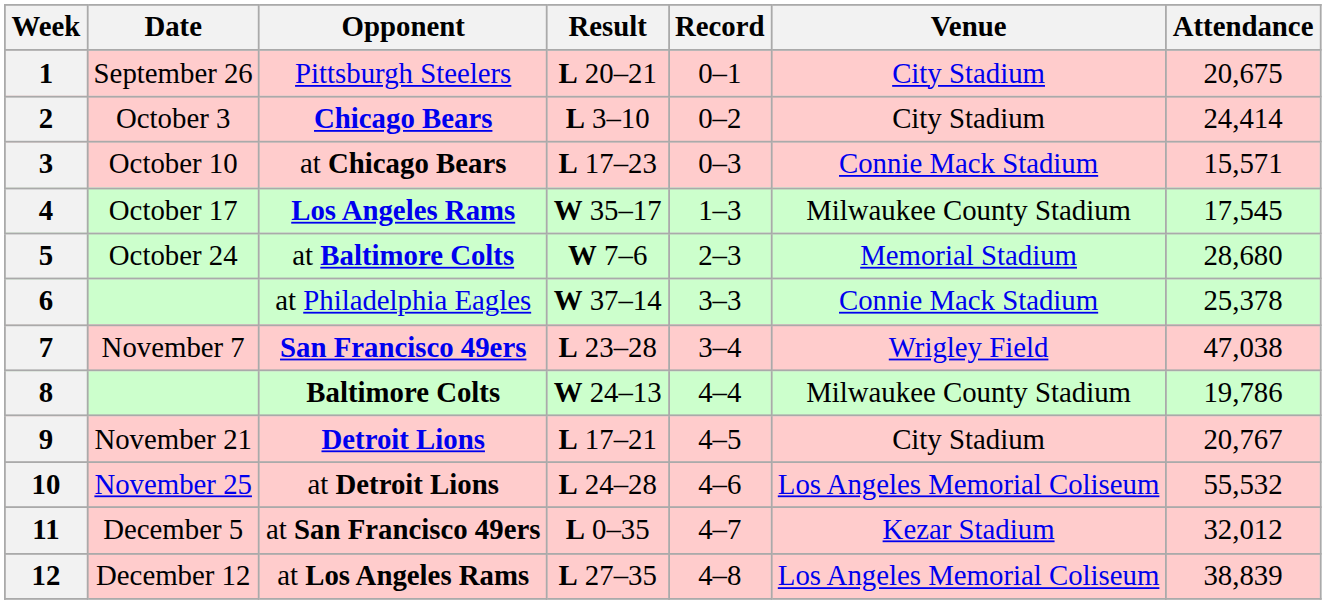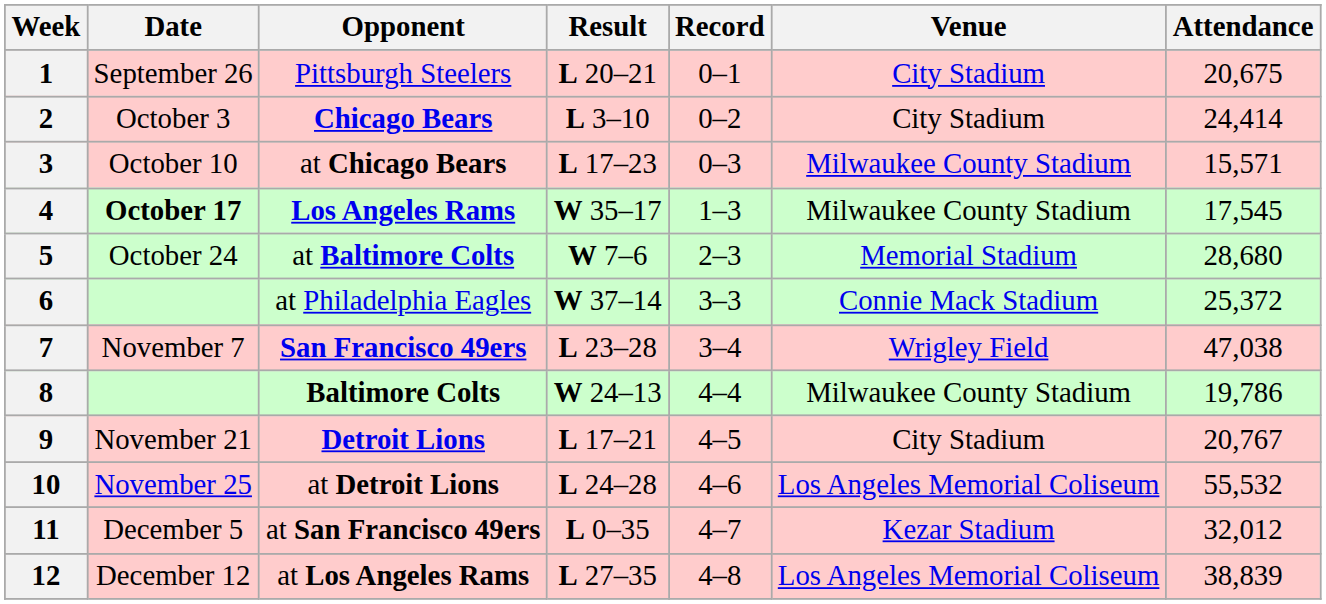 <table class="wikitable" style="text-align:center">
 <tr>
 <th>Week</th>
 <th>Date</th>
 <th>Opponent</th>
 <th>Result</th>
 <th>Record</th>
 <th>Venue</th>
 <th>Attendance</th>
 </tr>
 <tr style="background:#fcc">
 <th>1</th>
 <td>September 26</td>
 <td><a href='#'>Pittsburgh Steelers</a></td>
 <td><strong>L</strong> 20–21</td>
 <td>0–1</td>
 <td><a href='#'>City Stadium</a></td>
 <td>20,675</td>
 </tr>
 <tr style="background:#fcc">
 <th>2</th>
 <td>October 3</td>
 <td><strong><a href='#'>Chicago Bears</a></strong></td>
 <td><strong>L</strong> 3–10</td>
 <td>0–2</td>
 <td>City Stadium</td>
 <td>24,414</td>
 </tr>
 <tr style="background:#fcc">
 <th>3</th>
 <td>October 10</td>
 <td>at <strong>Chicago Bears</strong></td>
 <td><strong>L</strong> 17–23</td>
 <td>0–3</td>
-<td><a href='#'>Connie Mack Stadium</a></td>
+<td><a href='#'>Milwaukee County Stadium</a></td>
 <td>15,571</td>
 </tr>
 <tr style="background:#cfc">
 <th>4</th>
-<td>October 17</td>
+<td><strong>October 17</strong></td>
 <td><strong><a href='#'>Los Angeles Rams</a></strong></td>
 <td><strong>W</strong> 35–17</td>
 <td>1–3</td>
 <td>Milwaukee County Stadium</td>
 <td>17,545</td>
 </tr>
 <tr style="background:#cfc">
 <th>5</th>
 <td>October 24</td>
 <td>at <strong><a href='#'>Baltimore Colts</a></strong></td>
 <td><strong>W</strong> 7–6</td>
 <td>2–3</td>
 <td><a href='#'>Memorial Stadium</a></td>
 <td>28,680</td>
 </tr>
 <tr style="background:#cfc">
 <th>6</th>
 <td></td>
 <td>at <a href='#'>Philadelphia Eagles</a></td>
 <td><strong>W</strong> 37–14</td>
 <td>3–3</td>
 <td><a href='#'>Connie Mack Stadium</a></td>
-<td>25,378</td>
+<td>25,372</td>
 </tr>
 <tr style="background:#fcc">
 <th>7</th>
 <td>November 7</td>
 <td><strong><a href='#'>San Francisco 49ers</a></strong></td>
 <td><strong>L</strong> 23–28</td>
 <td>3–4</td>
 <td><a href='#'>Wrigley Field</a></td>
 <td>47,038</td>
 </tr>
 <tr style="background:#cfc">
 <th>8</th>
 <td></td>
 <td><strong>Baltimore Colts</strong></td>
 <td><strong>W</strong> 24–13</td>
 <td>4–4</td>
 <td>Milwaukee County Stadium</td>
 <td>19,786</td>
 </tr>
 <tr style="background:#fcc">
 <th>9</th>
 <td>November 21</td>
 <td><strong><a href='#'>Detroit Lions</a></strong></td>
 <td><strong>L</strong> 17–21</td>
 <td>4–5</td>
 <td>City Stadium</td>
 <td>20,767</td>
 </tr>
 <tr style="background:#fcc">
 <th>10</th>
 <td><a href='#'>November 25</a></td>
 <td>at <strong>Detroit Lions</strong></td>
 <td><strong>L</strong> 24–28</td>
 <td>4–6</td>
 <td><a href='#'>Los Angeles Memorial Coliseum</a></td>
 <td>55,532</td>
 </tr>
 <tr style="background:#fcc">
 <th>11</th>
 <td>December 5</td>
 <td>at <strong>San Francisco 49ers</strong></td>
 <td><strong>L</strong> 0–35</td>
 <td>4–7</td>
 <td><a href='#'>Kezar Stadium</a></td>
 <td>32,012</td>
 </tr>
 <tr style="background:#fcc">
 <th>12</th>
 <td>December 12</td>
 <td>at <strong>Los Angeles Rams</strong></td>
 <td><strong>L</strong> 27–35</td>
 <td>4–8</td>
 <td><a href='#'>Los Angeles Memorial Coliseum</a></td>
 <td>38,839</td>
 </tr>
 </table>
